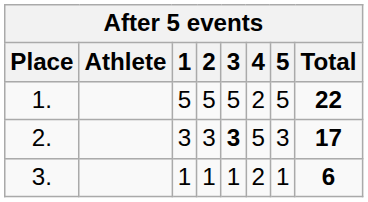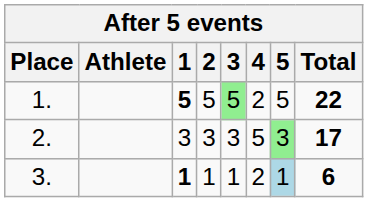 <table class=wikitable style="text-align:center">
 <tr>
 <th colspan=8><strong>After 5 events</strong></th>
 </tr>
 <tr>
 <th>Place</th>
 <th>Athlete</th>
 <th>1</th>
 <th>2</th>
 <th>3</th>
 <th>4</th>
 <th>5</th>
 <th>Total</th>
 </tr>
 <tr>
 <td width=30>1.</td>
 <td align=left></td>
+<td><strong>5</strong></td>
 <td>5</td>
-<td>5</td>
-<td>5</td>
+<td style="background: lightgreen;">5</td>
 <td>2</td>
 <td>5</td>
 <td><strong>22</strong></td>
 </tr>
 <tr>
 <td>2.</td>
 <td align=left></td>
 <td>3</td>
 <td>3</td>
-<td><strong>3</strong></td>
+<td>3</td>
 <td>5</td>
-<td>3</td>
+<td style="background: lightgreen;">3</td>
 <td><strong>17</strong></td>
 </tr>
 <tr>
 <td>3.</td>
 <td align=left></td>
-<td>1</td>
+<td><strong>1</strong></td>
 <td>1</td>
 <td>1</td>
 <td>2</td>
-<td>1</td>
+<td style="background: lightblue;">1</td>
 <td><strong>6</strong></td>
 </tr>
 </table>
